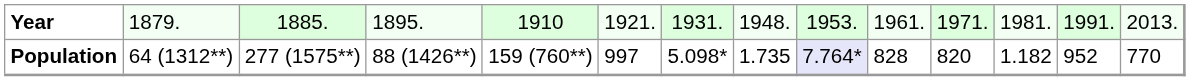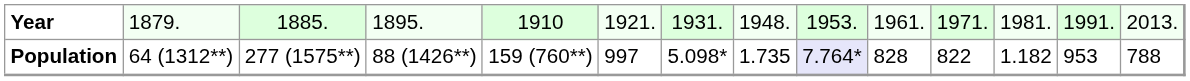 <table border=1 cellpadding=4 cellspacing=0 class="toccolours" style="align: left; margin: 0.5em 0 0 0; border-style: solid; border: 1px solid #999; border-right-width: 2px; border-bottom-width: 2px; border-collapse: collapse; font-size: 100%;">
 <tr>
 <td><strong>Year</strong></td>
 <td style="background:#f3fff3;">1879.</td>
 <td style="background:#ddffdd;" align="center">1885.</td>
 <td style="background:#f3fff3;">1895.</td>
 <td style="background:#ddffdd;" align="center">1910</td>
 <td style="background:#f3fff3;">1921.</td>
 <td colspan=1 style="background:#ddffdd;" align="center">1931.</td>
 <td style="background:#f3fff3;">1948.</td>
 <td colspan=1 style="background:#ddffdd;" align="center">1953.</td>
 <td style="background:#f3fff3;">1961.</td>
 <td colspan=1 style="background:#ddffdd;" align="center">1971.</td>
 <td style="background:#f3fff3;">1981.</td>
 <td colspan=1 style="background:#ddffdd;" align="center">1991.</td>
 <td style="background:#f3fff3;">2013.</td>
 </tr>
 <tr>
 <td><strong>Population</strong></td>
 <td>64 (1312**)</td>
 <td>277 (1575**)</td>
 <td>88 (1426**)</td>
 <td>159 (760**)</td>
 <td>997</td>
 <td>5.098*</td>
 <td>1.735</td>
 <td style="background: lavender;">7.764*</td>
 <td>828</td>
-<td>820</td>
+<td>822</td>
 <td>1.182</td>
-<td>952</td>
-<td>770</td>
+<td>953</td>
+<td>788</td>
 </tr>
 </table>
